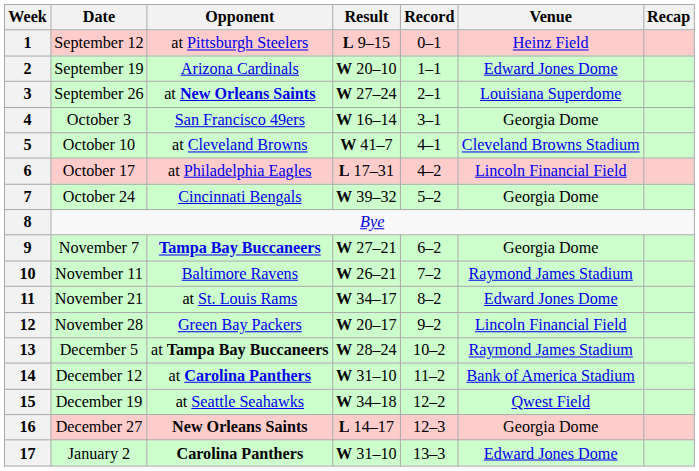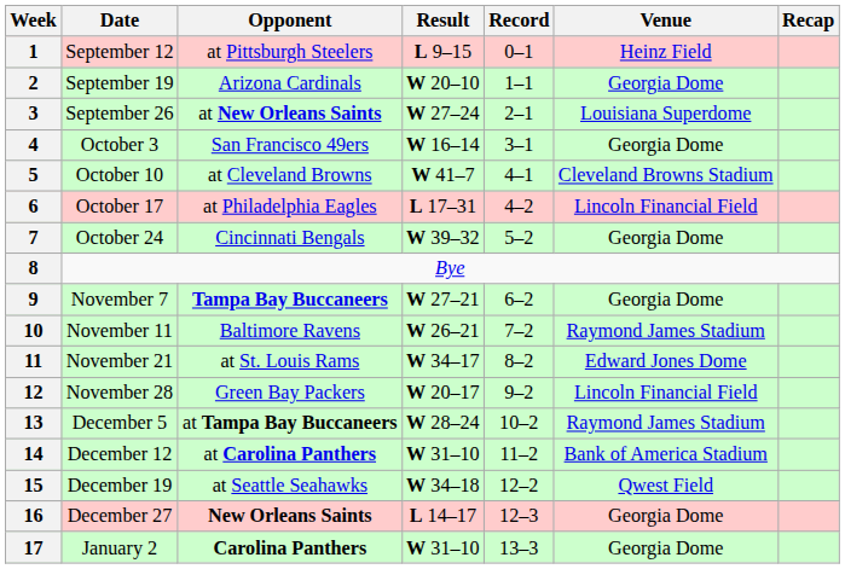 <table class="wikitable" style="text-align:center">
 <tr>
 <th>Week</th>
 <th>Date</th>
 <th>Opponent</th>
 <th>Result</th>
 <th>Record</th>
 <th>Venue</th>
 <th>Recap</th>
 </tr>
 <tr style="background:#fcc;">
 <th>1</th>
 <td style="text-align:center;">September 12</td>
 <td style="text-align:center;">at <a href='#'>Pittsburgh Steelers</a></td>
 <td style="text-align:center;"><strong>L</strong> 9–15 </td>
 <td style="text-align:center;">0–1</td>
 <td style="text-align:center;"><a href='#'>Heinz Field</a></td>
 <td style="text-align:center;"></td>
 </tr>
 <tr style="background:#cfc;">
 <th>2</th>
 <td style="text-align:center;">September 19</td>
 <td style="text-align:center;"><a href='#'>Arizona Cardinals</a></td>
 <td style="text-align:center;"><strong>W</strong> 20–10</td>
 <td style="text-align:center;">1–1</td>
-<td style="text-align:center;"><a href='#'>Edward Jones Dome</a></td>
+<td style="text-align:center;"><a href='#'>Georgia Dome</a></td>
 <td style="text-align:center;"></td>
 </tr>
 <tr style="background:#cfc;">
 <th>3</th>
 <td style="text-align:center;">September 26</td>
 <td style="text-align:center;">at <strong><a href='#'>New Orleans Saints</a></strong></td>
 <td style="text-align:center;"><strong>W</strong> 27–24 </td>
 <td style="text-align:center;">2–1</td>
 <td style="text-align:center;"><a href='#'>Louisiana Superdome</a></td>
 <td style="text-align:center;"></td>
 </tr>
 <tr style="background:#cfc;">
 <th>4</th>
 <td style="text-align:center;">October 3</td>
 <td style="text-align:center;"><a href='#'>San Francisco 49ers</a></td>
 <td style="text-align:center;"><strong>W</strong> 16–14</td>
 <td style="text-align:center;">3–1</td>
 <td style="text-align:center;">Georgia Dome</td>
 <td style="text-align:center;"></td>
 </tr>
 <tr style="background:#cfc;">
 <th>5</th>
 <td style="text-align:center;">October 10</td>
 <td style="text-align:center;">at <a href='#'>Cleveland Browns</a></td>
 <td style="text-align:center;"><strong>W</strong> 41–7</td>
 <td style="text-align:center;">4–1</td>
 <td style="text-align:center;"><a href='#'>Cleveland Browns Stadium</a></td>
 <td style="text-align:center;"></td>
 </tr>
 <tr style="background:#fcc;">
 <th>6</th>
 <td style="text-align:center;">October 17</td>
 <td style="text-align:center;">at <a href='#'>Philadelphia Eagles</a></td>
 <td style="text-align:center;"><strong>L</strong> 17–31</td>
 <td style="text-align:center;">4–2</td>
 <td style="text-align:center;"><a href='#'>Lincoln Financial Field</a></td>
 <td style="text-align:center;"></td>
 </tr>
 <tr style="background:#cfc;">
 <th>7</th>
 <td style="text-align:center;">October 24</td>
 <td style="text-align:center;"><a href='#'>Cincinnati Bengals</a></td>
 <td style="text-align:center;"><strong> W</strong> 39–32</td>
 <td style="text-align:center;">5–2</td>
 <td style="text-align:center;">Georgia Dome</td>
 <td style="text-align:center;"></td>
 </tr>
 <tr>
 <th>8</th>
 <td colspan="6" style="text-align:center;"><em><a href='#'>Bye</a></em></td>
 </tr>
 <tr style="background:#cfc;">
 <th>9</th>
 <td style="text-align:center;">November 7</td>
 <td style="text-align:center;"><strong><a href='#'>Tampa Bay Buccaneers</a></strong></td>
 <td style="text-align:center;"><strong>W</strong> 27–21</td>
 <td style="text-align:center;">6–2</td>
 <td style="text-align:center;">Georgia Dome</td>
 <td style="text-align:center;"></td>
 </tr>
 <tr style="background:#cfc;">
 <th>10</th>
 <td style="text-align:center;">November 11</td>
 <td style="text-align:center;"><a href='#'>Baltimore Ravens</a></td>
 <td style="text-align:center;"><strong>W</strong> 26–21</td>
 <td style="text-align:center;">7–2</td>
 <td style="text-align:center;"><a href='#'>Raymond James Stadium</a></td>
 <td style="text-align:center;"></td>
 </tr>
 <tr style="background:#cfc;">
 <th>11</th>
 <td style="text-align:center;">November 21</td>
 <td style="text-align:center;">at <a href='#'>St. Louis Rams</a></td>
 <td style="text-align:center;"><strong>W</strong> 34–17</td>
 <td style="text-align:center;">8–2</td>
 <td style="text-align:center;"><a href='#'>Edward Jones Dome</a></td>
 <td style="text-align:center;"></td>
 </tr>
 <tr style="background:#cfc;">
 <th>12</th>
 <td style="text-align:center;">November 28</td>
 <td style="text-align:center;"><a href='#'>Green Bay Packers</a></td>
 <td style="text-align:center;"><strong>W</strong> 20–17</td>
 <td style="text-align:center;">9–2</td>
 <td style="text-align:center;"><a href='#'>Lincoln Financial Field</a></td>
 <td style="text-align:center;"></td>
 </tr>
 <tr style="background:#cfc;">
 <th>13</th>
 <td style="text-align:center;">December 5</td>
 <td style="text-align:center;">at <strong>Tampa Bay Buccaneers</strong></td>
 <td style="text-align:center;"><strong>W</strong> 28–24</td>
 <td style="text-align:center;">10–2</td>
 <td style="text-align:center;"><a href='#'>Raymond James Stadium</a></td>
 <td style="text-align:center;"></td>
 </tr>
 <tr style="background:#cfc;">
 <th>14</th>
 <td style="text-align:center;">December 12</td>
 <td style="text-align:center;">at <strong><a href='#'>Carolina Panthers</a></strong></td>
 <td style="text-align:center;"><strong>W</strong> 31–10</td>
 <td style="text-align:center;">11–2</td>
 <td style="text-align:center;"><a href='#'>Bank of America Stadium</a></td>
 <td style="text-align:center;"></td>
 </tr>
 <tr style="background:#cfc">
 <th>15</th>
 <td style="text-align:center;">December 19</td>
 <td style="text-align:center;">at <a href='#'>Seattle Seahawks</a></td>
 <td style="text-align:center;"><strong>W</strong> 34–18</td>
 <td style="text-align:center;">12–2</td>
 <td style="text-align:center;"><a href='#'>Qwest Field</a></td>
 <td style="text-align:center;"></td>
 </tr>
 <tr style="background:#fcc">
 <th>16</th>
 <td style="text-align:center;">December 27</td>
 <td style="text-align:center;"><strong>New Orleans Saints</strong></td>
 <td style="text-align:center;"><strong>L</strong> 14–17</td>
 <td style="text-align:center;">12–3</td>
 <td style="text-align:center;">Georgia Dome</td>
 <td style="text-align:center;"></td>
 </tr>
 <tr style="background:#cfc;">
 <th>17</th>
 <td style="text-align:center;">January 2</td>
 <td style="text-align:center;"><strong>Carolina Panthers</strong></td>
 <td style="text-align:center;"><strong>W</strong> 31–10</td>
 <td style="text-align:center;">13–3</td>
-<td style="text-align:center;"><a href='#'>Edward Jones Dome</a></td>
+<td style="text-align:center;">Georgia Dome</td>
 <td style="text-align:center;"></td>
 </tr>
 </table>
